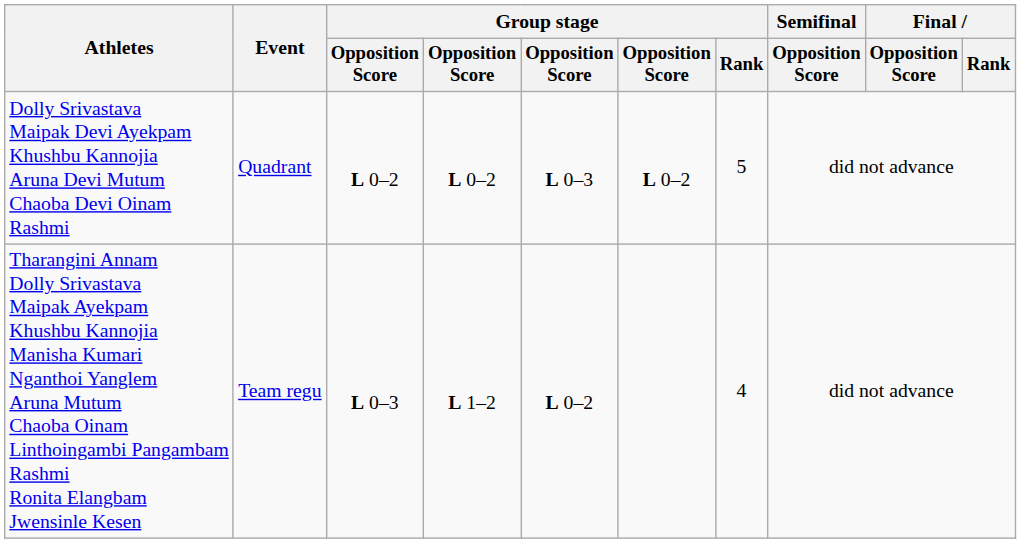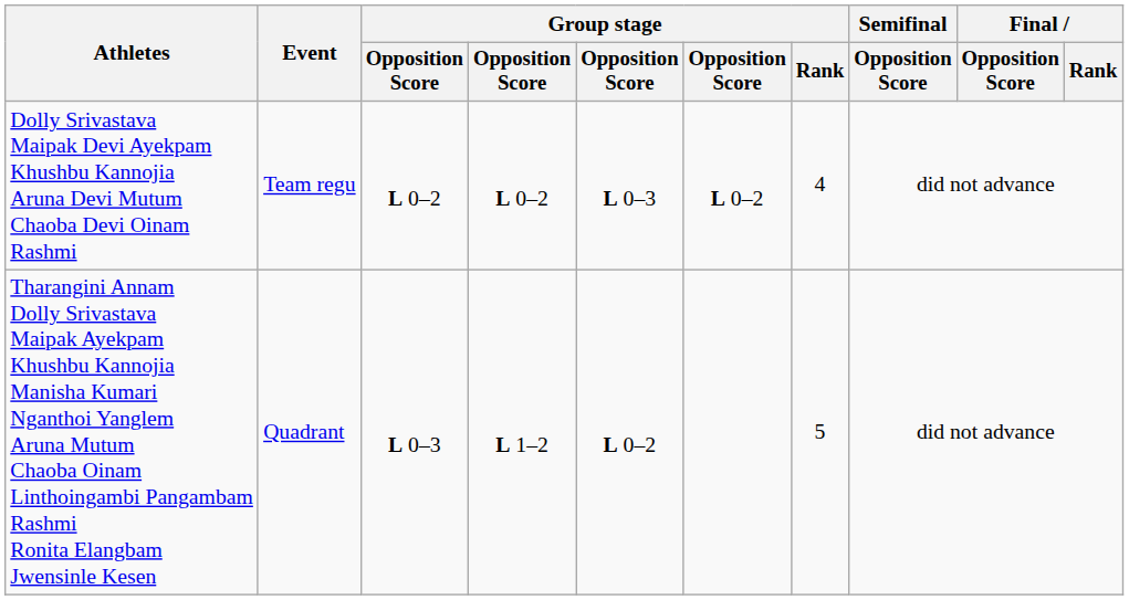 <table class=wikitable style=font-size:88%;text-align:center>
 <tr>
 <th rowspan=2>Athletes</th>
 <th rowspan=2>Event</th>
 <th colspan=5>Group stage</th>
 <th>Semifinal</th>
 <th colspan=2>Final / </th>
 </tr>
 <tr style=font-size:95%>
 <th>Opposition<br>Score</th>
 <th>Opposition<br>Score</th>
 <th>Opposition<br>Score</th>
 <th>Opposition<br>Score</th>
 <th>Rank</th>
 <th>Opposition<br>Score</th>
 <th>Opposition<br>Score</th>
 <th>Rank</th>
 </tr>
 <tr>
 <td align=left><a href='#'>Dolly Srivastava</a><br><a href='#'>Maipak Devi Ayekpam</a><br><a href='#'>Khushbu Kannojia</a><br><a href='#'>Aruna Devi Mutum</a><br><a href='#'>Chaoba Devi Oinam</a><br><a href='#'>Rashmi</a></td>
-<td align=left><a href='#'>Quadrant</a></td>
+<td align=left><a href='#'>Team regu</a></td>
 <td><br><strong>L</strong> 0–2</td>
 <td><br><strong>L</strong> 0–2</td>
 <td><br><strong>L</strong> 0–3</td>
 <td><br><strong>L</strong> 0–2</td>
-<td>5</td>
+<td>4</td>
 <td colspan=3>did not advance</td>
 </tr>
 <tr>
 <td align=left><a href='#'>Tharangini Annam</a><br><a href='#'>Dolly Srivastava</a><br><a href='#'>Maipak Ayekpam</a><br><a href='#'>Khushbu Kannojia</a><br><a href='#'>Manisha Kumari</a><br><a href='#'>Nganthoi Yanglem</a><br><a href='#'>Aruna Mutum</a><br><a href='#'>Chaoba Oinam</a><br><a href='#'>Linthoingambi Pangambam</a><br><a href='#'>Rashmi</a><br><a href='#'>Ronita Elangbam</a><br><a href='#'>Jwensinle Kesen</a></td>
-<td align=left><a href='#'>Team regu</a></td>
+<td align=left><a href='#'>Quadrant</a></td>
 <td><br><strong>L</strong> 0–3</td>
 <td><br><strong>L</strong> 1–2</td>
 <td><br><strong>L</strong> 0–2</td>
 <td></td>
-<td>4</td>
+<td>5</td>
 <td colspan=3>did not advance</td>
 </tr>
 </table>
